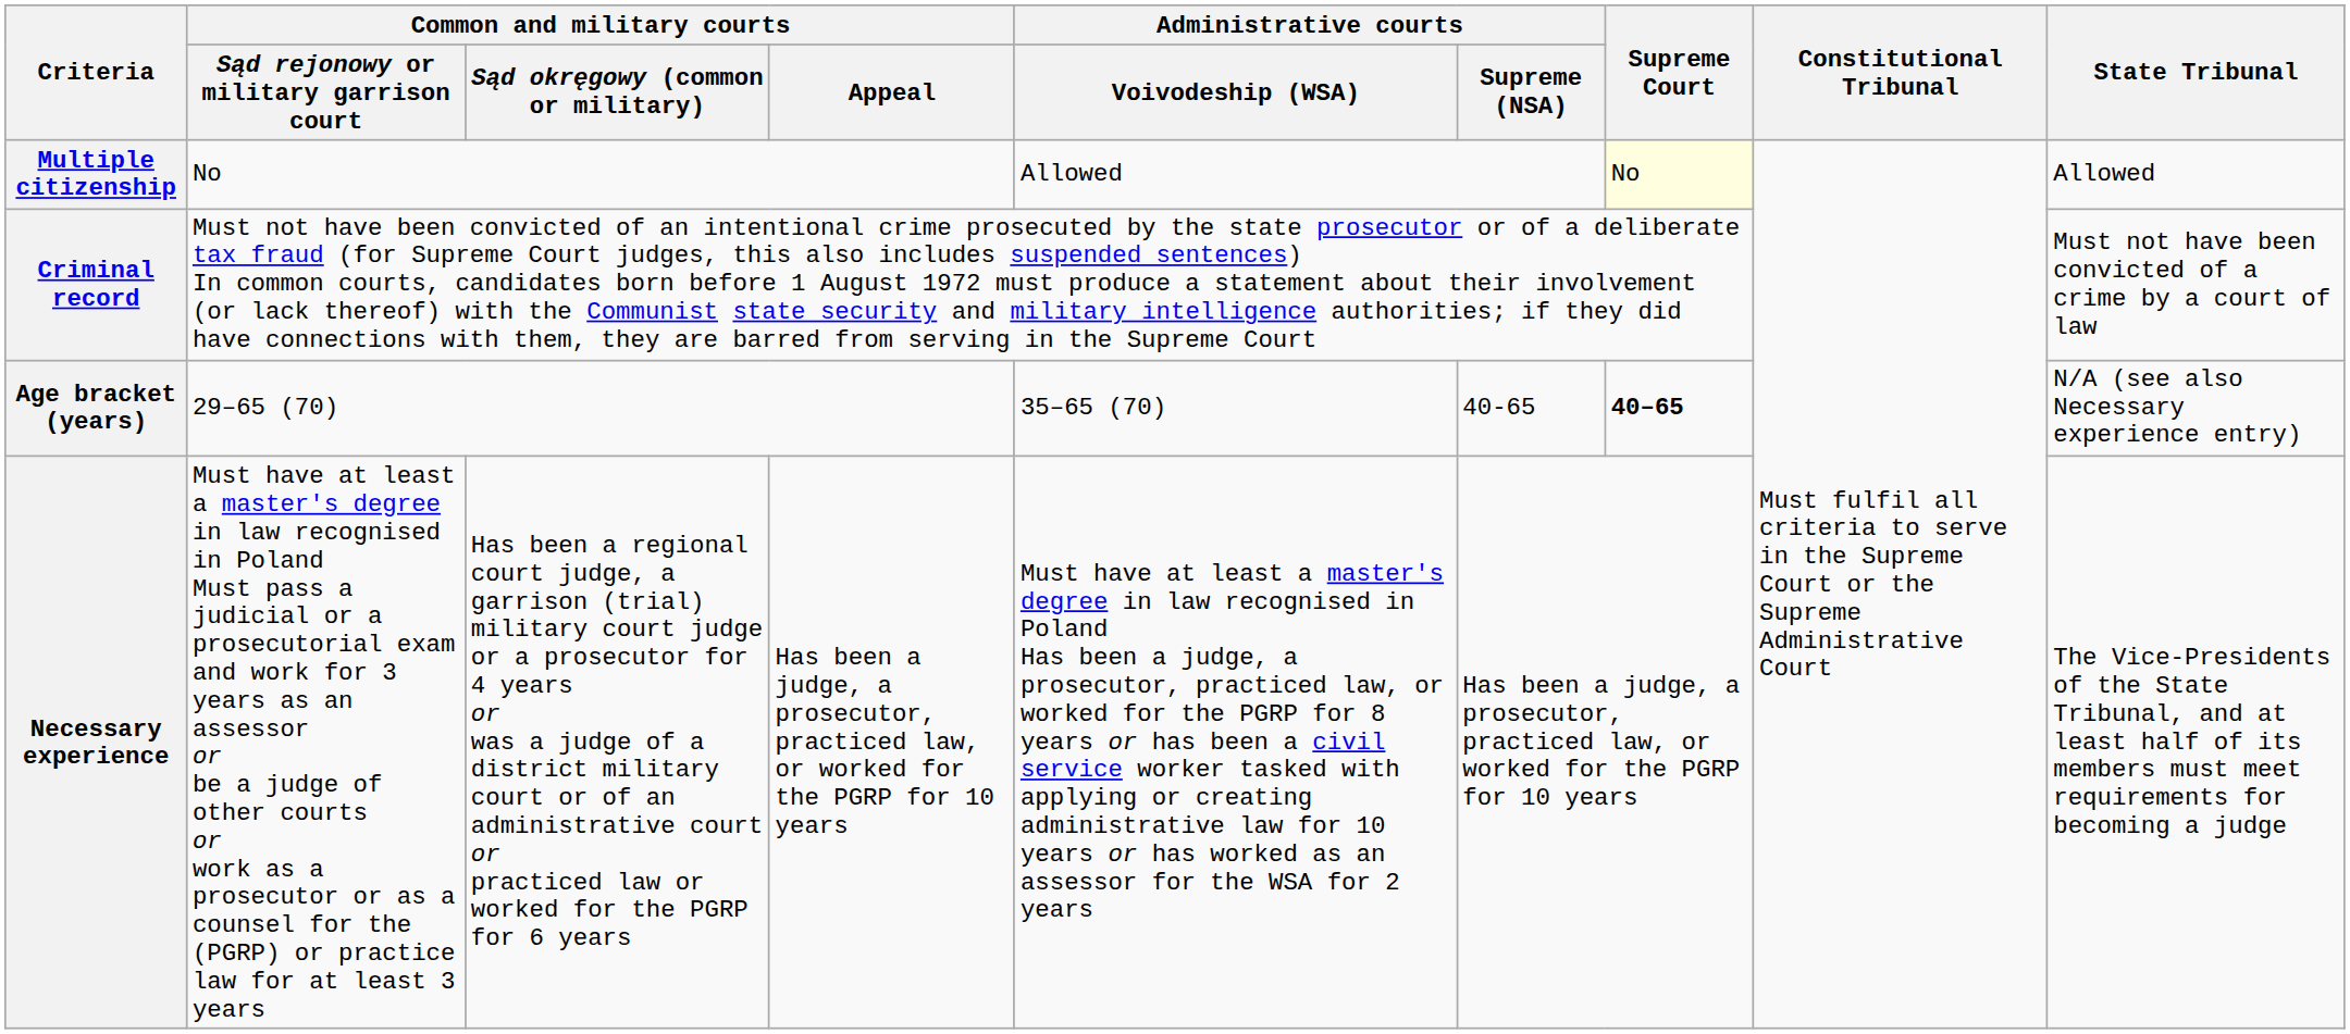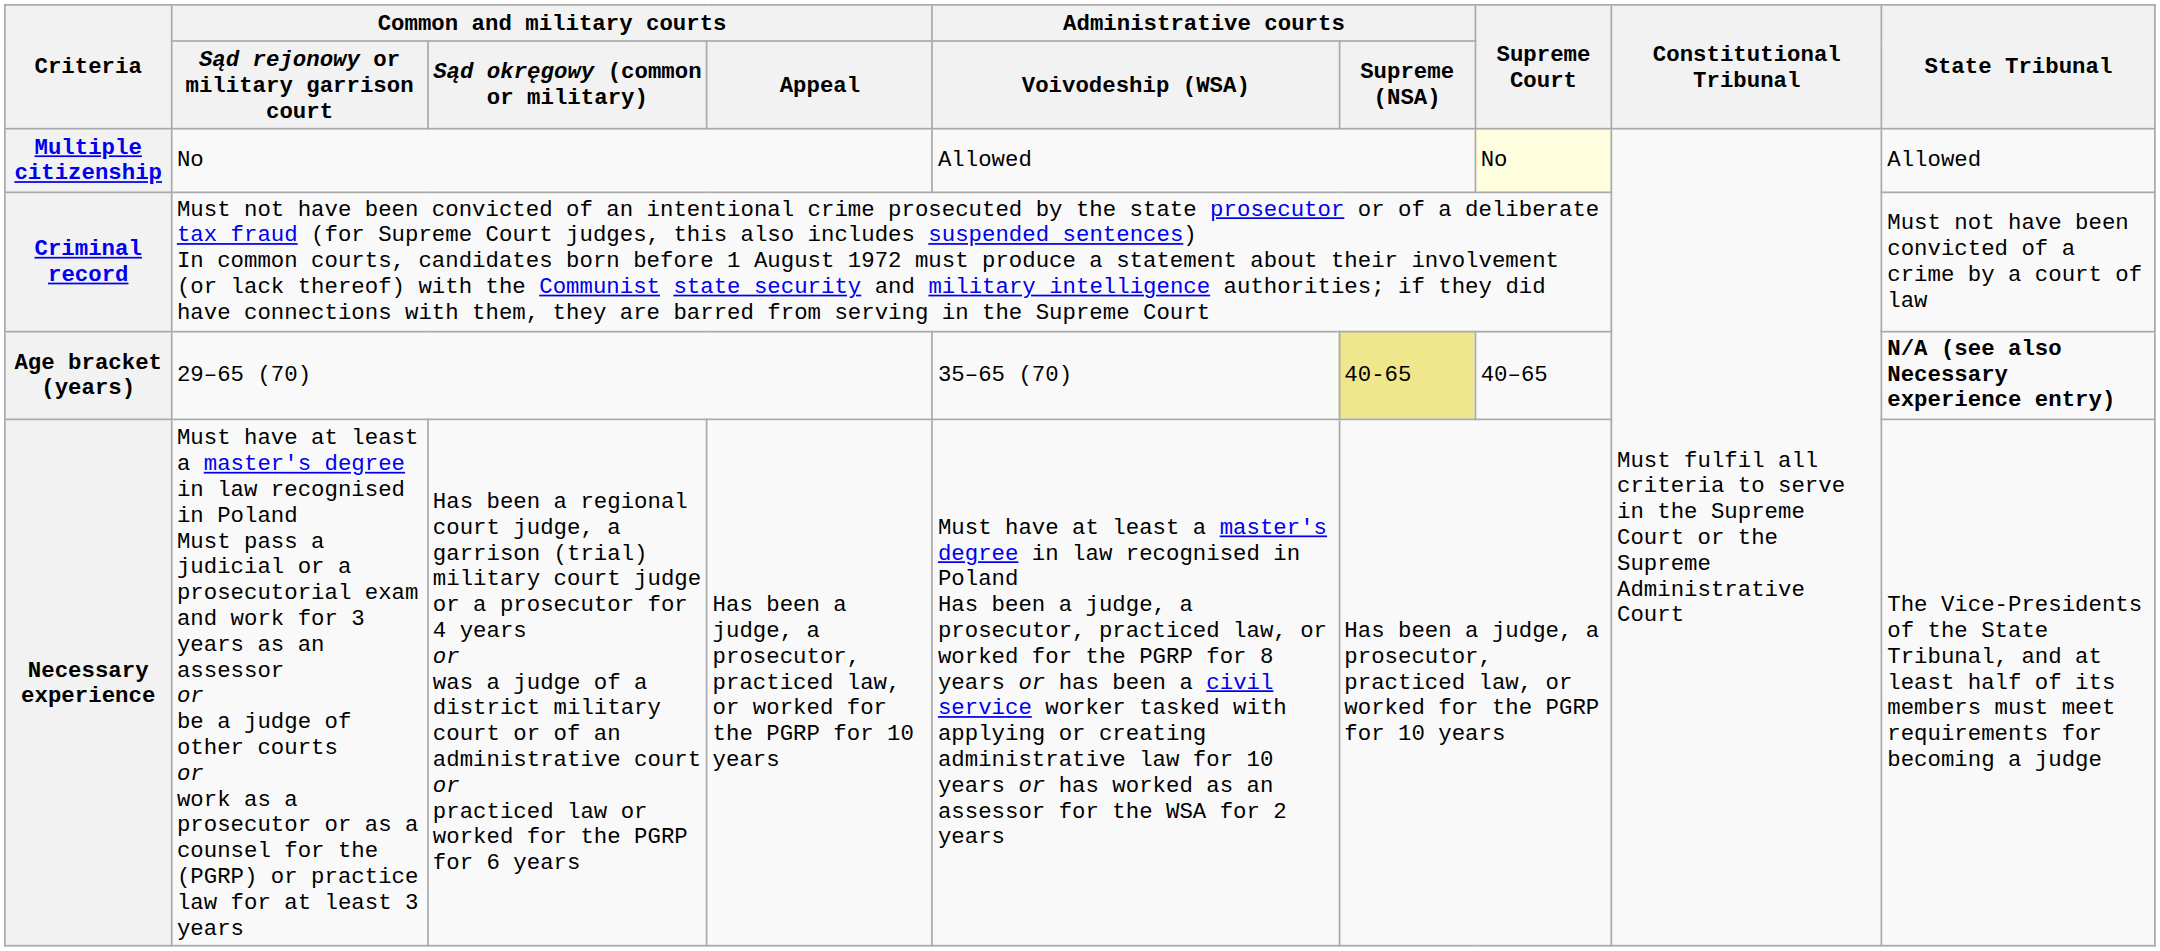 <table class="wikitable mw-collapsible">
 <tr>
 <th rowspan="2">Criteria</th>
 <th colspan="3">Common and military courts</th>
 <th colspan="2">Administrative courts</th>
 <th rowspan="2">Supreme Court</th>
 <th rowspan="2">Constitutional Tribunal</th>
 <th rowspan="2">State Tribunal</th>
 </tr>
 <tr>
 <th><em>Sąd rejonowy</em> or military garrison court</th>
 <th><em>Sąd okręgowy</em> (common or military)</th>
 <th>Appeal</th>
 <th>Voivodeship (WSA)</th>
 <th>Supreme (NSA)</th>
 </tr>
 <tr>
 <th><a href='#'>Multiple citizenship</a></th>
 <td colspan="3">No</td>
 <td colspan="2">Allowed</td>
 <td style="background: lightyellow;">No</td>
 <td rowspan="4">Must fulfil all criteria to serve in the Supreme Court or the Supreme Administrative Court</td>
 <td>Allowed</td>
 </tr>
 <tr>
 <th><a href='#'>Criminal record</a></th>
 <td colspan="6">Must not have been convicted of an intentional crime prosecuted by the state <a href='#'>prosecutor</a> or of a deliberate <a href='#'>tax fraud</a> (for Supreme Court judges, this also includes <a href='#'>suspended sentences</a>)<br>In common courts, candidates born before 1 August 1972 must produce a statement about their involvement (or lack thereof) with the <a href='#'>Communist</a> <a href='#'>state security</a> and <a href='#'>military intelligence</a> authorities; if they did have connections with them, they are barred from serving in the Supreme Court</td>
 <td>Must not have been convicted of a crime by a court of law</td>
 </tr>
 <tr>
 <th>Age bracket (years)</th>
 <td colspan="3">29–65 (70)</td>
 <td>35–65 (70)</td>
-<td>40-65</td>
-<td><strong>40–65</strong></td>
-<td>N/A (see also Necessary experience entry)</td>
+<td style="background: khaki;">40-65</td>
+<td>40–65</td>
+<td><strong>N/A (see also Necessary experience entry)</strong></td>
 </tr>
 <tr>
 <th>Necessary experience</th>
 <td>Must have at least a <a href='#'>master's degree</a> in law recognised in Poland<br>Must pass a judicial or a prosecutorial exam and work for 3 years as an assessor<br><em>or</em><br>be a judge of other courts<br><em>or</em><br>work as a prosecutor or as a counsel for the  (PGRP) or practice law for at least 3 years</td>
 <td>Has been a regional court judge, a garrison (trial) military court judge or a prosecutor for 4 years<br><em>or</em><br>was a judge of a district military court or of an administrative court<br><em>or</em><br>practiced law or worked for the PGRP for 6 years</td>
 <td>Has been a judge, a prosecutor, practiced law, or worked for the PGRP for 10 years</td>
 <td>Must have at least a <a href='#'>master's degree</a> in law recognised in Poland<br>Has been a judge, a prosecutor, practiced law, or worked for the PGRP for 8 years <em>or</em> has been a <a href='#'>civil service</a> worker tasked with applying or creating administrative law for 10 years <em>or</em> has worked as an assessor for the WSA for 2 years</td>
 <td colspan="2">Has been a judge, a prosecutor, practiced law, or worked for the PGRP for 10 years</td>
 <td>The Vice-Presidents of the State Tribunal, and at least half of its members must meet requirements for becoming a judge</td>
 </tr>
 </table>
